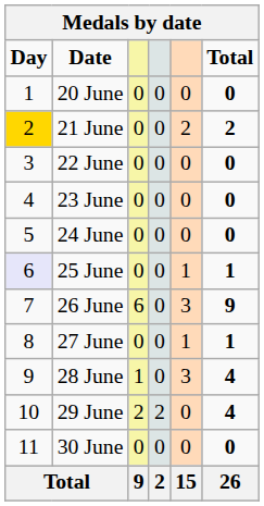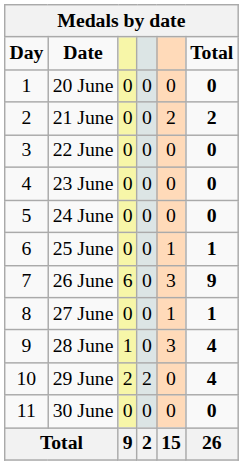 <table class="wikitable" style="font-size:85%; text-align:center;">
 <tr style="background:#efefef;">
 <th colspan=6><strong>Medals by date</strong></th>
 </tr>
 <tr>
 <td><strong>Day</strong></td>
 <td><strong>Date</strong></td>
 <td style="background:#F7F6A8;"></td>
 <td style="background:#DCE5E5;"></td>
 <td style="background:#FFDAB9;"></td>
 <td><strong>Total</strong></td>
 </tr>
 <tr>
 <td>1</td>
 <td>20 June</td>
 <td style="background:#F7F6A8;">0</td>
 <td style="background:#DCE5E5;">0</td>
 <td style="background:#FFDAB9;">0</td>
 <td><strong>0</strong></td>
 </tr>
 <tr>
-<td style="background: gold;">2</td>
+<td>2</td>
 <td>21 June</td>
 <td style="background:#F7F6A8;">0</td>
 <td style="background:#DCE5E5;">0</td>
 <td style="background:#FFDAB9;">2</td>
 <td><strong>2</strong></td>
 </tr>
 <tr>
 <td>3</td>
 <td>22 June</td>
 <td style="background:#F7F6A8;">0</td>
 <td style="background:#DCE5E5;">0</td>
 <td style="background:#FFDAB9;">0</td>
 <td><strong>0</strong></td>
 </tr>
 <tr>
 <td>4</td>
 <td>23 June</td>
 <td style="background:#F7F6A8;">0</td>
 <td style="background:#DCE5E5;">0</td>
 <td style="background:#FFDAB9;">0</td>
 <td><strong>0</strong></td>
 </tr>
 <tr>
 <td>5</td>
 <td>24 June</td>
 <td style="background:#F7F6A8;">0</td>
 <td style="background:#DCE5E5;">0</td>
 <td style="background:#FFDAB9;">0</td>
 <td><strong>0</strong></td>
 </tr>
 <tr>
-<td style="background: lavender;">6</td>
+<td>6</td>
 <td>25 June</td>
 <td style="background:#F7F6A8;">0</td>
 <td style="background:#DCE5E5;">0</td>
 <td style="background:#FFDAB9;">1</td>
 <td><strong>1</strong></td>
 </tr>
 <tr>
 <td>7</td>
 <td>26 June</td>
 <td style="background:#F7F6A8;">6</td>
 <td style="background:#DCE5E5;">0</td>
 <td style="background:#FFDAB9;">3</td>
 <td><strong>9</strong></td>
 </tr>
 <tr>
 <td>8</td>
 <td>27 June</td>
 <td style="background:#F7F6A8;">0</td>
 <td style="background:#DCE5E5;">0</td>
 <td style="background:#FFDAB9;">1</td>
 <td><strong>1</strong></td>
 </tr>
 <tr>
 <td>9</td>
 <td>28 June</td>
 <td style="background:#F7F6A8;">1</td>
 <td style="background:#DCE5E5;">0</td>
 <td style="background:#FFDAB9;">3</td>
 <td><strong>4</strong></td>
 </tr>
 <tr>
 <td>10</td>
 <td>29 June</td>
 <td style="background:#F7F6A8;">2</td>
 <td style="background:#DCE5E5;">2</td>
 <td style="background:#FFDAB9;">0</td>
 <td><strong>4</strong></td>
 </tr>
 <tr>
 <td>11</td>
 <td>30 June</td>
 <td style="background:#F7F6A8;">0</td>
 <td style="background:#DCE5E5;">0</td>
 <td style="background:#FFDAB9;">0</td>
 <td><strong>0</strong></td>
 </tr>
 <tr>
 <th colspan="2">Total</th>
 <th>9</th>
 <th>2</th>
 <th>15</th>
 <th>26</th>
 </tr>
 </table>
